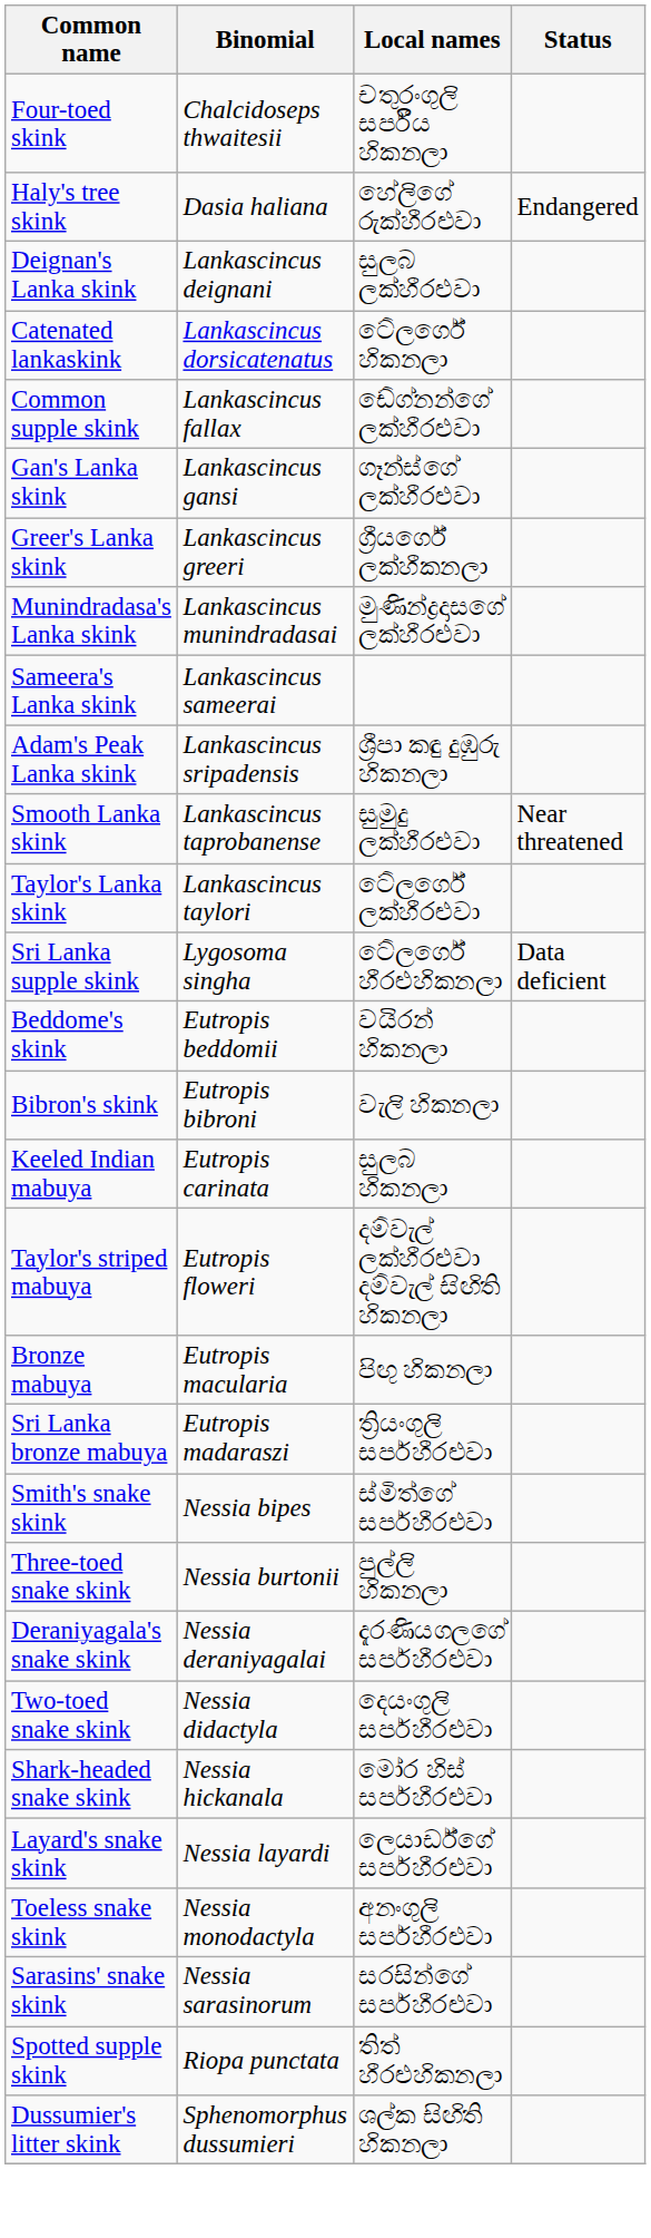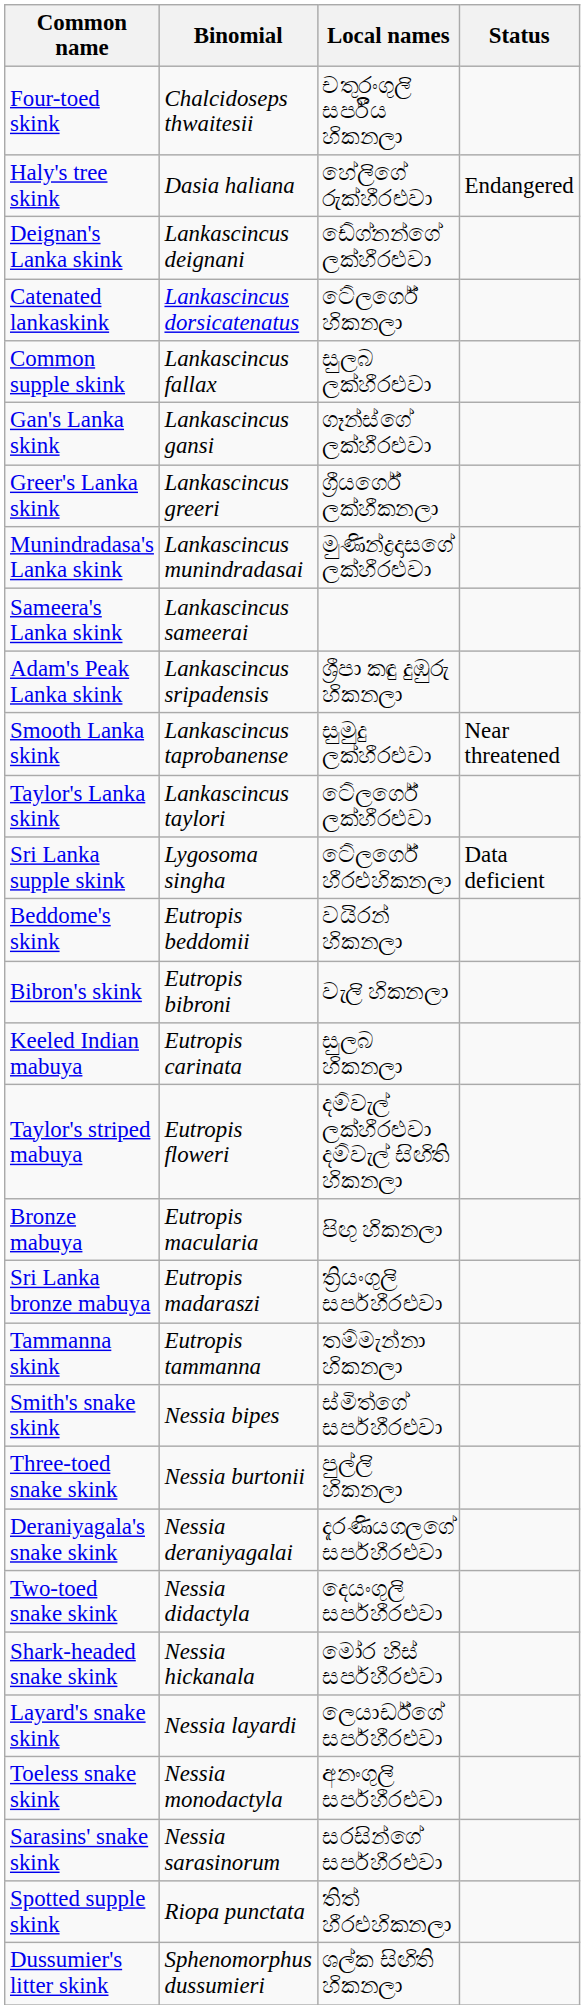 <table width=60% class="wikitable">
 <tr>
 <th width=20%>Common name</th>
 <th width=40%>Binomial</th>
 <th width=40%>Local names</th>
 <th width=20%>Status</th>
 </tr>
 <tr>
 <td><a href='#'>Four-toed skink</a></td>
 <td><em>Chalcidoseps thwaitesii</em></td>
 <td>චතුරංගුලි සර්පීය හිකනලා</td>
 <td></td>
 </tr>
 <tr>
 <td><a href='#'>Haly's tree skink</a></td>
 <td><em>Dasia haliana</em></td>
 <td>හේලිගේ රුක්හීරළුවා</td>
 <td>Endangered</td>
 </tr>
 <tr>
 <td><a href='#'>Deignan's Lanka skink</a></td>
 <td><em>Lankascincus deignani</em></td>
-<td>සුලබ ලක්හීරළුවා</td>
+<td>ඩේග්නන්ගේ ලක්හීරළුවා</td>
 <td></td>
 </tr>
 <tr>
 <td><a href='#'>Catenated lankaskink</a></td>
 <td><em><a href='#'>Lankascincus dorsicatenatus</a></em></td>
 <td>ටේලර්ගේ හිකනලා</td>
 <td></td>
 </tr>
 <tr>
 <td><a href='#'>Common supple skink</a><br></td>
 <td><em>Lankascincus fallax</em></td>
-<td>ඩේග්නන්ගේ ලක්හීරළුවා</td>
+<td>සුලබ ලක්හීරළුවා</td>
 <td></td>
 </tr>
 <tr>
 <td><a href='#'>Gan's Lanka skink</a><br></td>
 <td><em>Lankascincus gansi</em></td>
 <td>ගෑන්ස්ගේ ලක්හීරළුවා</td>
 <td></td>
 </tr>
 <tr>
 <td><a href='#'>Greer's Lanka skink</a></td>
 <td><em>Lankascincus greeri</em></td>
 <td>ග්‍රීයර්ගේ ලක්හීකනලා</td>
 <td></td>
 </tr>
 <tr>
 <td><a href='#'>Munindradasa's Lanka skink</a></td>
 <td><em>Lankascincus munindradasai</em></td>
 <td>මුණින්ද්‍රදාසගේ ලක්හීරළුවා</td>
 <td></td>
 </tr>
 <tr>
 <td><a href='#'>Sameera's Lanka skink</a></td>
 <td><em>Lankascincus sameerai</em></td>
 <td></td>
 <td></td>
 </tr>
 <tr>
 <td><a href='#'>Adam's Peak Lanka skink</a></td>
 <td><em>Lankascincus sripadensis</em></td>
 <td>ශ්‍රීපා කඳු දුඹුරු හිකනලා</td>
 <td></td>
 </tr>
 <tr>
 <td><a href='#'>Smooth Lanka skink</a></td>
 <td><em>Lankascincus taprobanense</em></td>
 <td>සුමුදු ලක්හීරළුවා</td>
 <td>Near threatened</td>
 </tr>
 <tr>
 <td><a href='#'>Taylor's Lanka skink</a></td>
 <td><em>Lankascincus taylori</em></td>
 <td>ටේලර්ගේ ලක්හීරළුවා</td>
 <td></td>
 </tr>
 <tr>
 <td><a href='#'>Sri Lanka supple skink</a></td>
 <td><em>Lygosoma singha</em></td>
 <td>ටේලර්ගේ හීරළුහිකනලා</td>
 <td>Data deficient</td>
 </tr>
 <tr>
 <td><a href='#'>Beddome's skink</a></td>
 <td><em>Eutropis beddomii</em></td>
 <td>වයිරන් හිකනලා</td>
 <td></td>
 </tr>
 <tr>
 <td><a href='#'>Bibron's skink</a><br></td>
 <td><em>Eutropis bibroni</em></td>
 <td>වැලි හිකනලා</td>
 <td></td>
 </tr>
 <tr>
 <td><a href='#'>Keeled Indian mabuya</a><br></td>
 <td><em>Eutropis carinata</em></td>
 <td>සුලබ හිකනලා</td>
 <td></td>
 </tr>
 <tr>
 <td><a href='#'>Taylor's striped mabuya</a></td>
 <td><em>Eutropis floweri</em></td>
 <td>දම්වැල් ලක්හීරළුවා<br> දම්වැල් සිඟිති හිකනලා</td>
 <td></td>
 </tr>
 <tr>
 <td><a href='#'>Bronze mabuya</a><br></td>
 <td><em>Eutropis macularia</em></td>
 <td>පිඟු හිකනලා</td>
 <td></td>
 </tr>
 <tr>
 <td><a href='#'>Sri Lanka bronze mabuya</a></td>
 <td><em>Eutropis madaraszi</em></td>
 <td>ත්‍රියංගුලි සර්පහීරළුවා</td>
 <td></td>
 </tr>
 <tr>
+<td><a href='#'>Tammanna skink</a></td>
+<td><em>Eutropis tammanna</em></td>
+<td>තම්මැන්නා හිකනලා</td>
+<td></td>
+</tr>
+<tr>
 <td><a href='#'>Smith's snake skink</a></td>
 <td><em>Nessia bipes</em></td>
 <td>ස්මිත්ගේ සර්පහීරළුවා</td>
 <td></td>
 </tr>
 <tr>
 <td><a href='#'>Three-toed snake skink</a></td>
 <td><em>Nessia burtonii</em></td>
 <td>පුල්ලි හිකනලා</td>
 <td></td>
 </tr>
 <tr>
 <td><a href='#'>Deraniyagala's snake skink</a></td>
 <td><em>Nessia deraniyagalai</em></td>
 <td>දැරණියගලගේ සර්පහීරළුවා</td>
 <td></td>
 </tr>
 <tr>
 <td><a href='#'>Two-toed snake skink</a></td>
 <td><em>Nessia didactyla</em></td>
 <td>දෙයංගුලි සර්පහීරළුවා</td>
 <td></td>
 </tr>
 <tr>
 <td><a href='#'>Shark-headed snake skink</a></td>
 <td><em>Nessia hickanala</em></td>
 <td>මෝර හිස් සර්පහීරළුවා</td>
 <td></td>
 </tr>
 <tr>
 <td><a href='#'>Layard's snake skink</a></td>
 <td><em>Nessia layardi</em></td>
 <td>ලෙයාර්ඩ්ගේ සර්පහීරළුවා</td>
 <td></td>
 </tr>
 <tr>
 <td><a href='#'>Toeless snake skink</a></td>
 <td><em>Nessia monodactyla</em></td>
 <td>අනංගුලි සර්පහීරළුවා</td>
 <td></td>
 </tr>
 <tr>
 <td><a href='#'>Sarasins' snake skink</a></td>
 <td><em>Nessia sarasinorum</em></td>
 <td>සරසින්ගේ සර්පහීරළුවා</td>
 <td></td>
 </tr>
 <tr>
 <td><a href='#'>Spotted supple skink</a><br></td>
 <td><em>Riopa punctata</em></td>
 <td>තිත් හීරළුහිකනලා</td>
 <td></td>
 </tr>
 <tr>
 <td><a href='#'>Dussumier's litter skink</a><br></td>
 <td><em>Sphenomorphus dussumieri</em></td>
 <td>ශල්ක සිඟිති හිකනලා</td>
 <td></td>
 </tr>
 <tr>
 </tr>
 </table>
